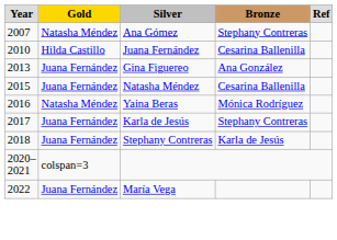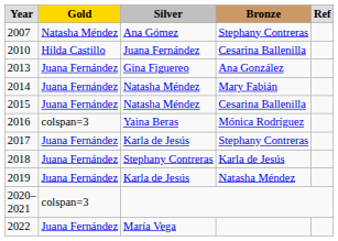 <table class="wikitable" style="text-align:left;">
 <tr>
 <td style="background:#DDDDDD; font-weight:bold; text-align:center;">Year</td>
 <td style="background:gold; font-weight:bold; text-align:center;">Gold</td>
 <td style="background:silver; font-weight:bold; text-align:center;">Silver</td>
 <td style="background:#cc9966; font-weight:bold; text-align:center;">Bronze</td>
 <td style="background:#DDDDDD; font-weight:bold; text-align:center;">Ref</td>
 </tr>
 <tr>
 <td>2007</td>
 <td><a href='#'>Natasha Méndez</a></td>
 <td><a href='#'>Ana Gómez</a></td>
 <td><a href='#'>Stephany Contreras</a></td>
 <td></td>
 </tr>
 <tr>
 <td>2010</td>
 <td><a href='#'>Hilda Castillo</a></td>
 <td><a href='#'>Juana Fernández</a></td>
 <td><a href='#'>Cesarina Ballenilla</a></td>
 <td></td>
 </tr>
 <tr>
 <td>2013</td>
 <td><a href='#'>Juana Fernández</a></td>
 <td><a href='#'>Gina Figuereo</a></td>
 <td><a href='#'>Ana González</a></td>
 <td></td>
 </tr>
 <tr>
+<td>2014</td>
+<td><a href='#'>Juana Fernández</a></td>
+<td><a href='#'>Natasha Méndez</a></td>
+<td><a href='#'>Mary Fabián</a></td>
+<td></td>
+</tr>
+<tr>
 <td>2015</td>
 <td><a href='#'>Juana Fernández</a></td>
 <td><a href='#'>Natasha Méndez</a></td>
 <td><a href='#'>Cesarina Ballenilla</a></td>
 <td></td>
 </tr>
 <tr>
 <td>2016</td>
-<td><a href='#'>Natasha Méndez</a></td>
+<td>colspan=3 </td>
 <td><a href='#'>Yaina Beras</a></td>
 <td><a href='#'>Mónica Rodríguez</a></td>
 <td></td>
 </tr>
 <tr>
 <td>2017</td>
 <td><a href='#'>Juana Fernández</a></td>
 <td><a href='#'>Karla de Jesús</a></td>
 <td><a href='#'>Stephany Contreras</a></td>
 <td></td>
 </tr>
 <tr>
 <td>2018</td>
 <td><a href='#'>Juana Fernández</a></td>
 <td><a href='#'>Stephany Contreras</a></td>
 <td><a href='#'>Karla de Jesús</a></td>
 <td></td>
 </tr>
 <tr>
+<td>2019</td>
+<td><a href='#'>Juana Fernández</a></td>
+<td><a href='#'>Karla de Jesús</a></td>
+<td><a href='#'>Natasha Méndez</a></td>
+<td></td>
+</tr>
+<tr>
 <td>2020–<br>2021</td>
 <td>colspan=3 </td>
 </tr>
 <tr>
 <td>2022</td>
 <td><a href='#'>Juana Fernández</a></td>
 <td><a href='#'>María Vega</a></td>
 <td></td>
 <td></td>
 </tr>
 </table>
